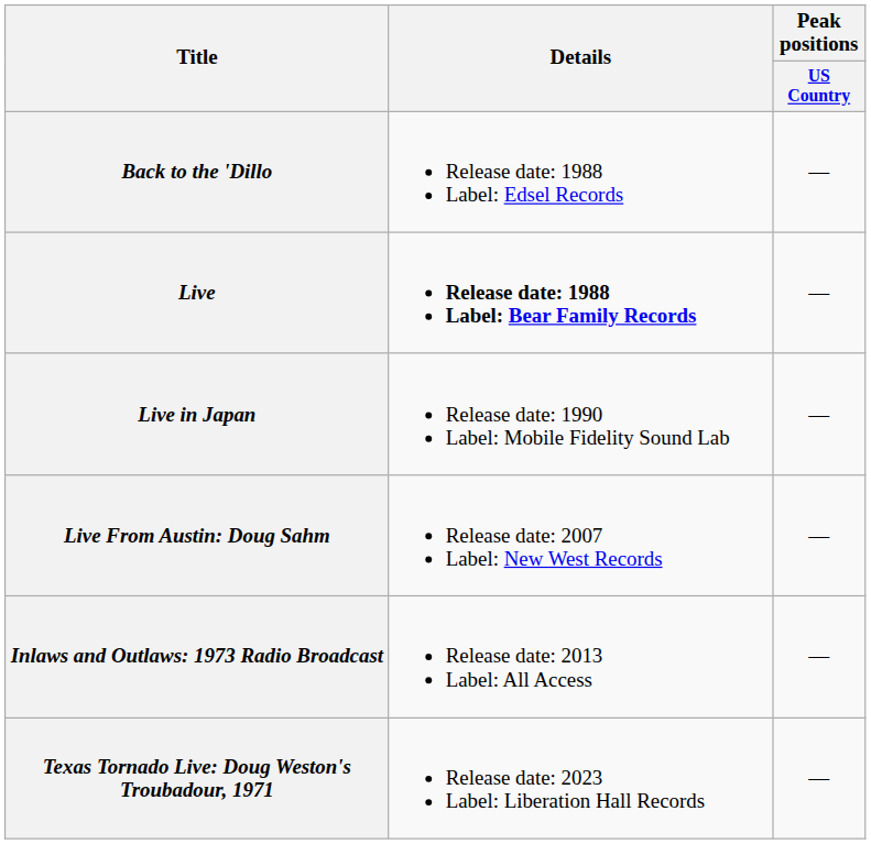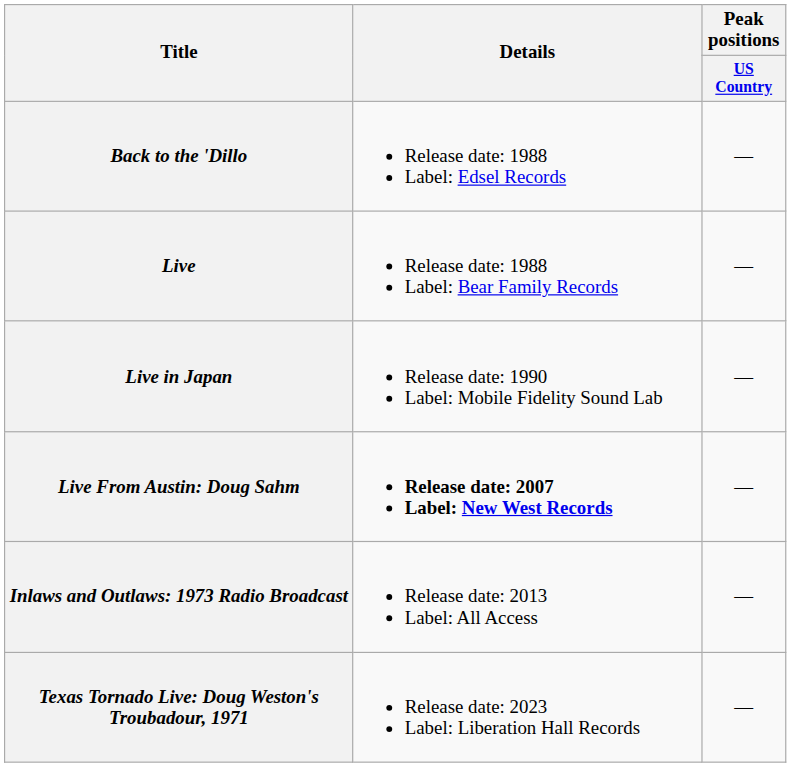 <table class="wikitable plainrowheaders" style="text-align:center;">
 <tr>
 <th rowspan="2" style="width:18em;">Title</th>
 <th rowspan="2" style="width:18em;">Details</th>
 <th colspan="1">Peak positions</th>
 </tr>
 <tr style="font-size:smaller;">
 <th width="65"><a href='#'>US Country</a></th>
 </tr>
 <tr>
 <th scope="row"><em>Back to the 'Dillo</em></th>
 <td align="left"><br><ul><li>Release date: 1988</li><li>Label: <a href='#'>Edsel Records</a></li></ul></td>
 <td>—</td>
 </tr>
 <tr>
 <th scope="row"><em>Live</em></th>
-<td align="left"><strong><br><ul><li>Release date: 1988</li><li>Label: <a href='#'>Bear Family Records</a></li></ul></strong></td>
+<td align="left"><br><ul><li>Release date: 1988</li><li>Label: <a href='#'>Bear Family Records</a></li></ul></td>
 <td>—</td>
 </tr>
 <tr>
 <th scope="row"><em>Live in Japan</em></th>
 <td align="left"><br><ul><li>Release date: 1990</li><li>Label: Mobile Fidelity Sound Lab</li></ul></td>
 <td>—</td>
 </tr>
 <tr>
 <th scope="row"><em>Live From Austin: Doug Sahm</em></th>
-<td align="left"><br><ul><li>Release date: 2007</li><li>Label: <a href='#'>New West Records</a></li></ul></td>
+<td align="left"><strong><br><ul><li>Release date: 2007</li><li>Label: <a href='#'>New West Records</a></li></ul></strong></td>
 <td>—</td>
 </tr>
 <tr>
 <th scope="row"><em>Inlaws and Outlaws: 1973 Radio Broadcast</em></th>
 <td align="left"><br><ul><li>Release date: 2013</li><li>Label: All Access</li></ul></td>
 <td>—</td>
 </tr>
 <tr>
 <th scope="row"><em>Texas Tornado Live: Doug Weston's Troubadour, 1971</em></th>
 <td align="left"><br><ul><li>Release date: 2023</li><li>Label: Liberation Hall Records</li></ul></td>
 <td>—</td>
 </tr>
 </table>
